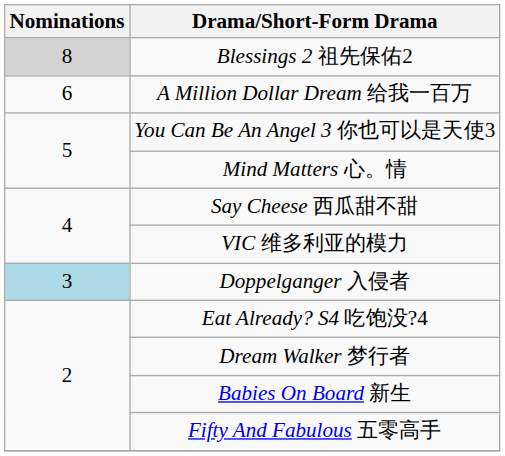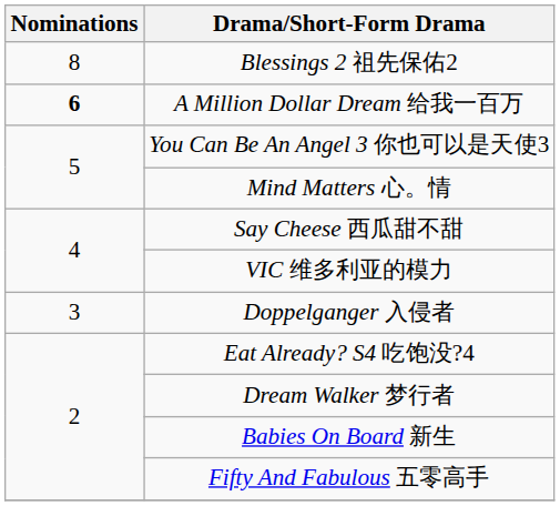 <table class="wikitable plainrowheaders" style="text-align: center">
 <tr>
 <th scope="col" style="width:55px;">Nominations</th>
 <th scope="col" style="text-align:center;">Drama/Short-Form Drama</th>
 </tr>
 <tr>
-<td scope=row style="background: lightgrey; text-align:center">8</td>
+<td scope=row style="text-align:center">8</td>
 <td><em>Blessings 2</em> 祖先保佑2</td>
 </tr>
 <tr>
-<td scope=row style="text-align:center">6</td>
+<td scope=row style="text-align:center"><strong>6</strong></td>
 <td><em>A Million Dollar Dream</em> 给我一百万</td>
 </tr>
 <tr>
 <td rowspan="2"; scope=row style="text-align:center">5</td>
 <td><em>You Can Be An Angel 3</em> 你也可以是天使3</td>
 </tr>
 <tr>
 <td><em>Mind Matters</em> 心。情</td>
 </tr>
 <tr>
 <td rowspan="2"; scope=row style="text-align:center">4</td>
 <td><em>Say Cheese</em> 西瓜甜不甜</td>
 </tr>
 <tr>
 <td><em>VIC</em> 维多利亚的模力</td>
 </tr>
 <tr>
-<td scope=row style="background: lightblue; text-align:center">3</td>
+<td scope=row style="text-align:center">3</td>
 <td><em>Doppelganger</em> 入侵者</td>
 </tr>
 <tr>
 <td rowspan="4"; scope=row style="text-align:center">2</td>
 <td><em>Eat Already? S4</em> 吃饱没?4</td>
 </tr>
 <tr>
 <td><em>Dream Walker</em> 梦行者</td>
 </tr>
 <tr>
 <td><em><a href='#'>Babies On Board</a></em> 新生</td>
 </tr>
 <tr>
 <td><em><a href='#'>Fifty And Fabulous</a></em> 五零高手</td>
 </tr>
 <tr>
 </tr>
 </table>
